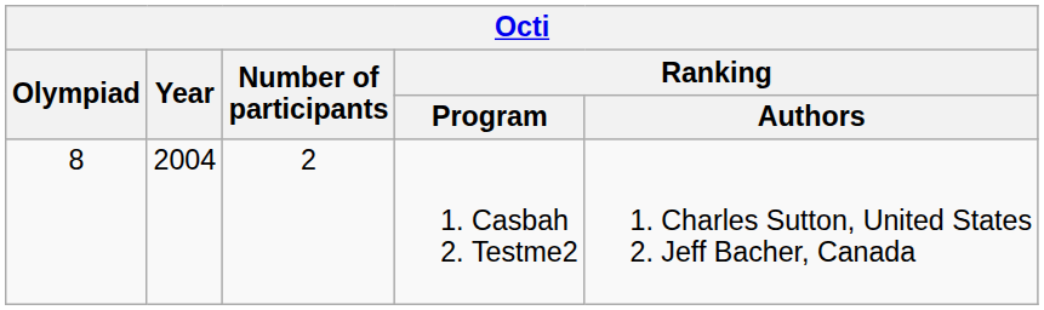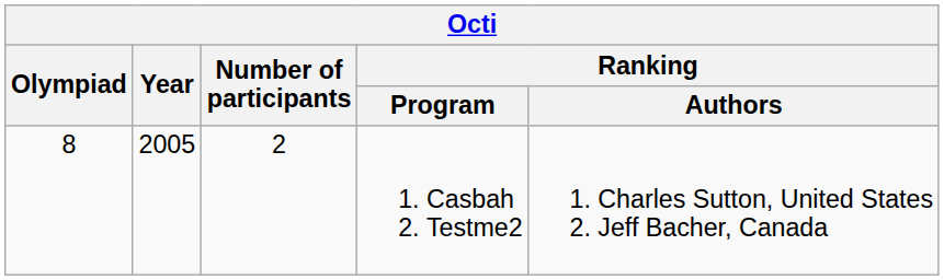 <table class="wikitable">
 <tr align="center">
 <th colspan=5><a href='#'>Octi</a></th>
 </tr>
 <tr>
 <th rowspan=2>Olympiad</th>
 <th rowspan=2>Year</th>
 <th rowspan=2>Number of<br>participants</th>
 <th colspan=2>Ranking</th>
 </tr>
 <tr align="center">
 <th>Program</th>
 <th>Authors</th>
 </tr>
 <tr align="center" valign="top">
 <td>8</td>
-<td>2004</td>
+<td>2005</td>
 <td>2</td>
 <td align="left"><br><ol><li>Casbah</li><li>Testme2</li></ol></td>
 <td align=left><br><ol><li>Charles Sutton, United States</li><li>Jeff Bacher, Canada</li></ol></td>
 </tr>
 </table>
